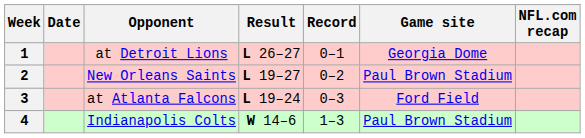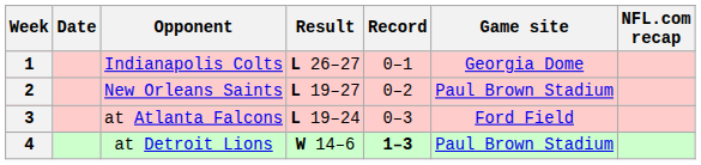 <table class="wikitable" style="text-align:center">
 <tr>
 <th>Week</th>
 <th>Date</th>
 <th>Opponent</th>
 <th>Result</th>
 <th>Record</th>
 <th>Game site</th>
 <th>NFL.com<br>recap</th>
 </tr>
 <tr bgcolor="#fcc">
 <th>1</th>
 <td></td>
-<td>at <a href='#'>Detroit Lions</a></td>
+<td><a href='#'>Indianapolis Colts</a></td>
 <td><strong>L</strong> 26–27</td>
 <td>0–1</td>
 <td><a href='#'>Georgia Dome</a></td>
 <td></td>
 </tr>
 <tr bgcolor="#fcc">
 <th>2</th>
 <td></td>
 <td><a href='#'>New Orleans Saints</a></td>
 <td><strong>L</strong> 19–27</td>
 <td>0–2</td>
 <td><a href='#'>Paul Brown Stadium</a></td>
 <td></td>
 </tr>
 <tr bgcolor="#fcc">
 <th>3</th>
 <td></td>
 <td>at <a href='#'>Atlanta Falcons</a></td>
 <td><strong>L</strong> 19–24</td>
 <td>0–3</td>
 <td><a href='#'>Ford Field</a></td>
 <td></td>
 </tr>
 <tr bgcolor="#cfc">
 <th>4</th>
 <td></td>
-<td><a href='#'>Indianapolis Colts</a></td>
+<td>at <a href='#'>Detroit Lions</a></td>
 <td><strong>W</strong> 14–6</td>
-<td>1–3</td>
+<td><strong>1–3</strong></td>
 <td><a href='#'>Paul Brown Stadium</a></td>
 <td></td>
 </tr>
 </table>
